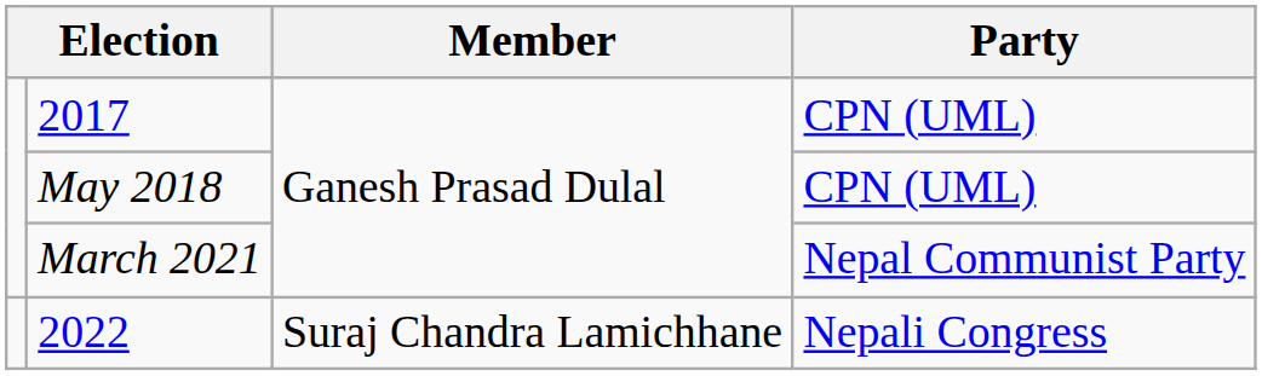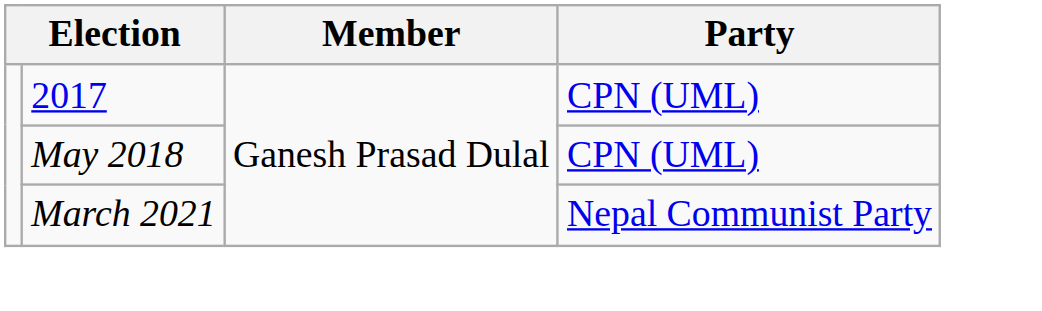 <table class="wikitable">
 <tr>
 <th colspan="2">Election</th>
 <th>Member</th>
 <th>Party</th>
 </tr>
 <tr>
 <td rowspan="3" style="background-color:"></td>
 <td><a href='#'>2017</a></td>
 <td rowspan="3">Ganesh Prasad Dulal</td>
 <td><a href='#'>CPN (UML)</a></td>
 </tr>
 <tr>
 <td><em>May 2018</em></td>
 <td><a href='#'>CPN (UML)</a></td>
 </tr>
 <tr>
 <td><em>March 2021</em></td>
 <td><a href='#'>Nepal Communist Party</a></td>
 </tr>
-<tr>
-<td style="background-color:"></td>
-<td><a href='#'>2022</a></td>
-<td>Suraj Chandra Lamichhane</td>
-<td><a href='#'>Nepali Congress</a></td>
-</tr>
 </table>
